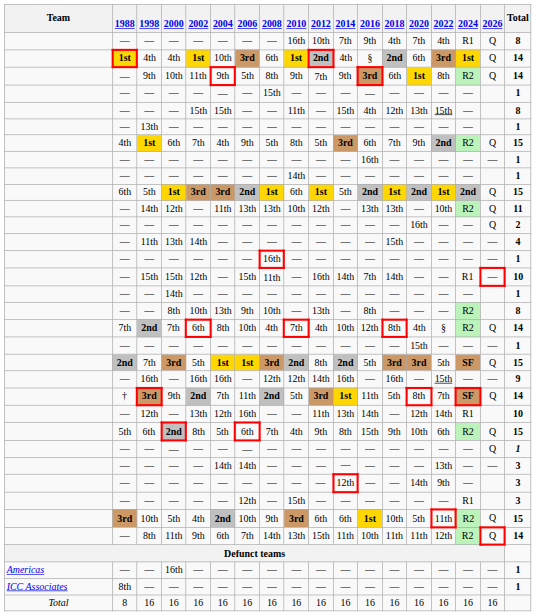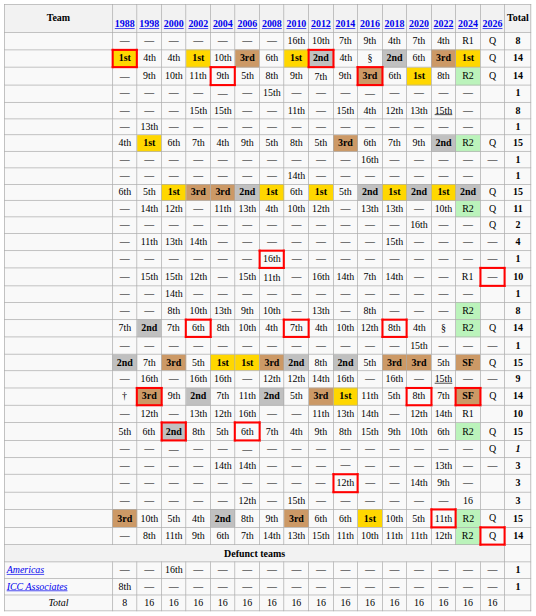 <table class="wikitable" style="text-align:center; font-size:90%">
 <tr>
 <th width=150>Team</th>
 <th><br><a href='#'>1988</a></th>
 <th><br><a href='#'>1998</a></th>
 <th><br><a href='#'>2000</a></th>
 <th><br><a href='#'>2002</a></th>
 <th><br><a href='#'>2004</a></th>
 <th><br><a href='#'>2006</a></th>
 <th><br><a href='#'>2008</a></th>
 <th><br><a href='#'>2010</a></th>
 <th><br><a href='#'>2012</a></th>
 <th><br><a href='#'>2014</a></th>
 <th><br><a href='#'>2016</a></th>
 <th><br><a href='#'>2018</a></th>
 <th><br><a href='#'>2020</a></th>
 <th><br><a href='#'>2022</a></th>
 <th><br><a href='#'>2024</a></th>
 <th> <br><a href='#'>2026</a></th>
 <th>Total</th>
 </tr>
 <tr>
 <td align=left></td>
 <td>—</td>
 <td>—</td>
 <td>—</td>
 <td>—</td>
 <td>—</td>
 <td>—</td>
 <td>—</td>
 <td>16th</td>
 <td>10th</td>
 <td>7th</td>
 <td>9th</td>
 <td>4th</td>
 <td>7th</td>
 <td>4th</td>
 <td>R1</td>
 <td>Q</td>
 <td><strong>8</strong></td>
 </tr>
 <tr>
 <td align=left></td>
 <td style="border: 3px solid red" bgcolor="gold"><strong>1st</strong></td>
 <td>4th</td>
 <td>4th</td>
 <td bgcolor="gold"><strong>1st</strong></td>
 <td>10th</td>
 <td bgcolor=#cc9966><strong>3rd</strong></td>
 <td>6th</td>
 <td bgcolor="gold"><strong>1st</strong></td>
 <td style="border: 3px solid red" bgcolor="silver"><strong>2nd</strong></td>
 <td>4th</td>
 <td>§</td>
 <td bgcolor="silver"><strong>2nd</strong></td>
 <td>6th</td>
 <td bgcolor=#cc9966><strong>3rd</strong></td>
 <td bgcolor="gold"><strong>1st</strong></td>
 <td>Q</td>
 <td><strong>14</strong></td>
 </tr>
 <tr>
 <td align=left></td>
 <td>—</td>
 <td>9th</td>
 <td>10th</td>
 <td>11th</td>
 <td style="border: 3px solid red">9th</td>
 <td>5th</td>
 <td>8th</td>
 <td>9th</td>
 <td>7th</td>
 <td>9th</td>
 <td style="border: 3px solid red" bgcolor=#cc9966><strong>3rd</strong></td>
 <td>6th</td>
 <td bgcolor="gold"><strong>1st</strong></td>
 <td>8th</td>
 <td bgcolor=#BBF3BB>R2</td>
 <td>Q</td>
 <td><strong>14</strong></td>
 </tr>
 <tr>
 <td align=left></td>
 <td>—</td>
 <td>—</td>
 <td>—</td>
 <td>—</td>
 <td>—</td>
 <td>—</td>
 <td>15th</td>
 <td>—</td>
 <td>—</td>
 <td>—</td>
 <td>—</td>
 <td>—</td>
 <td>—</td>
 <td>—</td>
 <td>—</td>
 <td></td>
 <td><strong>1</strong></td>
 </tr>
 <tr>
 <td align=left></td>
 <td>—</td>
 <td>—</td>
 <td>—</td>
 <td>15th</td>
 <td>15th</td>
 <td>—</td>
 <td>—</td>
 <td>11th</td>
 <td>—</td>
 <td>15th</td>
 <td>4th</td>
 <td>12th</td>
 <td>13th</td>
 <td><u>15th</u></td>
 <td>—</td>
 <td></td>
 <td><strong>8</strong></td>
 </tr>
 <tr>
 <td align=left></td>
 <td>—</td>
 <td>13th</td>
 <td>—</td>
 <td>—</td>
 <td>—</td>
 <td>—</td>
 <td>—</td>
 <td>—</td>
 <td>—</td>
 <td>—</td>
 <td>—</td>
 <td>—</td>
 <td>—</td>
 <td>—</td>
 <td>—</td>
 <td></td>
 <td><strong>1</strong></td>
 </tr>
 <tr>
 <td align=left></td>
 <td>4th</td>
 <td bgcolor="gold"><strong>1st</strong></td>
 <td>6th</td>
 <td>7th</td>
 <td>4th</td>
 <td>9th</td>
 <td>5th</td>
 <td>8th</td>
 <td>5th</td>
 <td bgcolor=#cc9966><strong>3rd</strong></td>
 <td>6th</td>
 <td>7th</td>
 <td>9th</td>
 <td bgcolor="silver"><strong>2nd</strong></td>
 <td bgcolor=#BBF3BB>R2</td>
 <td>Q</td>
 <td><strong>15</strong></td>
 </tr>
 <tr>
 <td align=left></td>
 <td>—</td>
 <td>—</td>
 <td>—</td>
 <td>—</td>
 <td>—</td>
 <td>—</td>
 <td>—</td>
 <td>—</td>
 <td>—</td>
 <td>—</td>
 <td>16th</td>
 <td>—</td>
 <td>—</td>
 <td>—</td>
 <td>—</td>
 <td>—</td>
 <td><strong>1</strong></td>
 </tr>
 <tr>
 <td align=left></td>
 <td>—</td>
 <td>—</td>
 <td>—</td>
 <td>—</td>
 <td>—</td>
 <td>—</td>
 <td>—</td>
 <td>14th</td>
 <td>—</td>
 <td>—</td>
 <td>—</td>
 <td>—</td>
 <td>—</td>
 <td>—</td>
 <td>—</td>
 <td></td>
 <td><strong>1</strong></td>
 </tr>
 <tr>
 <td align=left></td>
 <td>6th</td>
 <td>5th</td>
 <td bgcolor="gold"><strong>1st</strong></td>
 <td bgcolor=#cc9966><strong>3rd</strong></td>
 <td bgcolor=#cc9966><strong>3rd</strong></td>
 <td bgcolor="silver"><strong>2nd</strong></td>
 <td bgcolor="gold"><strong>1st</strong></td>
 <td>6th</td>
 <td bgcolor="gold"><strong>1st</strong></td>
 <td>5th</td>
 <td bgcolor="silver"><strong>2nd</strong></td>
 <td bgcolor="gold"><strong>1st</strong></td>
 <td bgcolor="silver"><strong>2nd</strong></td>
 <td bgcolor="gold"><strong>1st</strong></td>
 <td bgcolor="silver"><strong>2nd</strong></td>
 <td>Q</td>
 <td><strong>15</strong></td>
 </tr>
 <tr>
 <td align=left></td>
 <td>—</td>
 <td>14th</td>
 <td>12th</td>
 <td>—</td>
 <td>11th</td>
 <td>13th</td>
-<td>13th</td>
+<td>4th</td>
 <td>10th</td>
 <td>12th</td>
 <td>—</td>
 <td>13th</td>
 <td>13th</td>
 <td>—</td>
 <td>10th</td>
 <td bgcolor=#BBF3BB>R2</td>
 <td>Q</td>
 <td><strong>11</strong></td>
 </tr>
 <tr>
 <td align=left></td>
 <td>—</td>
 <td>—</td>
 <td>—</td>
 <td>—</td>
 <td>—</td>
 <td>—</td>
 <td>—</td>
 <td>—</td>
 <td>—</td>
 <td>—</td>
 <td>—</td>
 <td>—</td>
 <td>16th</td>
 <td>—</td>
 <td>—</td>
 <td>Q</td>
 <td><strong>2</strong></td>
 </tr>
 <tr>
 <td align=left></td>
 <td>—</td>
 <td>11th</td>
 <td>13th</td>
 <td>14th</td>
 <td>—</td>
 <td>—</td>
 <td>—</td>
 <td>—</td>
 <td>—</td>
 <td>—</td>
 <td>—</td>
 <td>15th</td>
 <td>—</td>
 <td>—</td>
 <td>—</td>
 <td>—</td>
 <td><strong>4</strong></td>
 </tr>
 <tr>
 <td align=left></td>
 <td>—</td>
 <td>—</td>
 <td>—</td>
 <td>—</td>
 <td>—</td>
 <td>—</td>
 <td style="border: 3px solid red">16th</td>
 <td>—</td>
 <td>—</td>
 <td>—</td>
 <td>—</td>
 <td>—</td>
 <td>—</td>
 <td>—</td>
 <td>—</td>
 <td>—</td>
 <td><strong>1</strong></td>
 </tr>
 <tr>
 <td align=left></td>
 <td>—</td>
 <td>15th</td>
 <td>15th</td>
 <td>12th</td>
 <td>—</td>
 <td>15th</td>
 <td>11th</td>
 <td>—</td>
 <td>16th</td>
 <td>14th</td>
 <td>7th</td>
 <td>14th</td>
 <td>—</td>
 <td>—</td>
 <td>R1</td>
 <td style="border: 3px solid red">—</td>
 <td><strong>10</strong></td>
 </tr>
 <tr>
 <td align=left></td>
 <td>—</td>
 <td>—</td>
 <td>14th</td>
 <td>—</td>
 <td>—</td>
 <td>—</td>
 <td>—</td>
 <td>—</td>
 <td>—</td>
 <td>—</td>
 <td>—</td>
 <td>—</td>
 <td>—</td>
 <td>—</td>
 <td>—</td>
 <td></td>
 <td><strong>1</strong></td>
 </tr>
 <tr>
 <td align=left></td>
 <td>—</td>
 <td>—</td>
 <td>8th</td>
 <td>10th</td>
 <td>13th</td>
 <td>9th</td>
 <td>10th</td>
 <td>—</td>
 <td>13th</td>
 <td>—</td>
 <td>8th</td>
 <td>—</td>
 <td>—</td>
 <td>—</td>
 <td bgcolor=#BBF3BB>R2</td>
 <td></td>
 <td><strong>8</strong></td>
 </tr>
 <tr>
 <td align=left></td>
 <td>7th</td>
 <td bgcolor="silver"><strong>2nd</strong></td>
 <td>7th</td>
 <td style="border: 3px solid red">6th</td>
 <td>8th</td>
 <td>10th</td>
 <td>4th</td>
 <td style="border: 3px solid red">7th</td>
 <td>4th</td>
 <td>10th</td>
 <td>12th</td>
 <td style="border: 3px solid red">8th</td>
 <td>4th</td>
 <td>§</td>
 <td bgcolor=#BBF3BB>R2</td>
 <td>Q</td>
 <td><strong>14</strong></td>
 </tr>
 <tr>
 <td align=left></td>
 <td>—</td>
 <td>—</td>
 <td>—</td>
 <td>—</td>
 <td>—</td>
 <td>—</td>
 <td>—</td>
 <td>—</td>
 <td>—</td>
 <td>—</td>
 <td>—</td>
 <td>—</td>
 <td>15th</td>
 <td>—</td>
 <td>—</td>
 <td>—</td>
 <td><strong>1</strong></td>
 </tr>
 <tr>
 <td align=left></td>
 <td bgcolor="silver"><strong>2nd</strong></td>
 <td>7th</td>
 <td bgcolor=#cc9966><strong>3rd</strong></td>
 <td>5th</td>
 <td bgcolor="gold"><strong>1st</strong></td>
 <td bgcolor="gold"><strong>1st</strong></td>
 <td bgcolor=#cc9966><strong>3rd</strong></td>
 <td bgcolor="silver"><strong>2nd</strong></td>
 <td>8th</td>
 <td bgcolor="silver"><strong>2nd</strong></td>
 <td>5th</td>
 <td bgcolor=#cc9966><strong>3rd</strong></td>
 <td bgcolor=#cc9966><strong>3rd</strong></td>
 <td>5th</td>
 <td bgcolor=#cc9966><strong>SF</strong></td>
 <td>Q</td>
 <td><strong>15</strong></td>
 </tr>
 <tr>
 <td align=left></td>
 <td>—</td>
 <td>16th</td>
 <td>—</td>
 <td>16th</td>
 <td>16th</td>
 <td>—</td>
 <td>12th</td>
 <td>12th</td>
 <td>14th</td>
 <td>16th</td>
 <td>—</td>
 <td>16th</td>
 <td>—</td>
 <td><u>15th</u></td>
 <td>—</td>
 <td>—</td>
 <td><strong>9</strong></td>
 </tr>
 <tr>
 <td align=left></td>
 <td>†</td>
 <td style="border: 3px solid red" bgcolor=#cc9966><strong>3rd</strong></td>
 <td>9th</td>
 <td bgcolor="silver"><strong>2nd</strong></td>
 <td>7th</td>
 <td>11th</td>
 <td bgcolor="silver"><strong>2nd</strong></td>
 <td>5th</td>
 <td bgcolor=#cc9966><strong>3rd</strong></td>
 <td bgcolor="gold"><strong>1st</strong></td>
 <td>11th</td>
 <td>5th</td>
 <td style="border: 3px solid red">8th</td>
 <td>7th</td>
 <td style="border: 3px solid red" bgcolor=#cc9966><strong>SF</strong></td>
 <td>Q</td>
 <td><strong>14</strong></td>
 </tr>
 <tr>
 <td align=left></td>
 <td>—</td>
 <td>12th</td>
 <td>—</td>
 <td>13th</td>
 <td>12th</td>
 <td>16th</td>
 <td>—</td>
 <td>—</td>
 <td>11th</td>
 <td>13th</td>
 <td>14th</td>
 <td>—</td>
 <td>12th</td>
 <td>14th</td>
 <td>R1</td>
 <td></td>
 <td><strong>10</strong></td>
 </tr>
 <tr>
 <td align=left></td>
 <td>5th</td>
 <td>6th</td>
 <td style="border: 3px solid red" bgcolor="silver"><strong>2nd</strong></td>
 <td>8th</td>
 <td>5th</td>
 <td style="border: 3px solid red">6th</td>
 <td>7th</td>
 <td>4th</td>
 <td>9th</td>
 <td>8th</td>
 <td>15th</td>
 <td>9th</td>
 <td>10th</td>
 <td>6th</td>
 <td bgcolor=#BBF3BB>R2</td>
 <td>Q</td>
 <td><strong>15</strong></td>
 </tr>
 <tr>
 <td align=left></td>
 <td>—</td>
 <td>—</td>
 <td>—</td>
 <td>—</td>
 <td>—</td>
 <td>—</td>
 <td>—</td>
 <td>—</td>
 <td>—</td>
 <td>—</td>
 <td>—</td>
 <td>—</td>
 <td>—</td>
 <td>—</td>
 <td>—</td>
 <td>Q</td>
 <td><strong><em>1</em></strong></td>
 </tr>
 <tr>
 <td align=left></td>
 <td>—</td>
 <td>—</td>
 <td>—</td>
 <td>—</td>
 <td>14th</td>
 <td>14th</td>
 <td>—</td>
 <td>—</td>
 <td>—</td>
 <td>—</td>
 <td>—</td>
 <td>—</td>
 <td>—</td>
 <td>13th</td>
 <td>—</td>
 <td>—</td>
 <td><strong>3</strong></td>
 </tr>
 <tr>
 <td align=left></td>
 <td>—</td>
 <td>—</td>
 <td>—</td>
 <td>—</td>
 <td>—</td>
 <td>—</td>
 <td>—</td>
 <td>—</td>
 <td>—</td>
 <td style="border:3px solid red">12th</td>
 <td>—</td>
 <td>—</td>
 <td>14th</td>
 <td>9th</td>
 <td>—</td>
 <td></td>
 <td><strong>3</strong></td>
 </tr>
 <tr>
 <td align=left></td>
 <td>—</td>
 <td>—</td>
 <td>—</td>
 <td>—</td>
 <td>—</td>
 <td>12th</td>
 <td>—</td>
 <td>15th</td>
 <td>—</td>
 <td>—</td>
 <td>—</td>
 <td>—</td>
 <td>—</td>
 <td>—</td>
-<td>R1</td>
+<td>16</td>
 <td></td>
 <td><strong>3</strong></td>
 </tr>
 <tr>
 <td align=left></td>
 <td bgcolor=#cc9966><strong>3rd</strong></td>
 <td>10th</td>
 <td>5th</td>
 <td>4th</td>
 <td bgcolor="silver"><strong>2nd</strong></td>
-<td>10th</td>
+<td>8th</td>
 <td>9th</td>
 <td bgcolor=#cc9966><strong>3rd</strong></td>
 <td>6th</td>
 <td>6th</td>
 <td bgcolor="gold"><strong>1st</strong></td>
 <td>10th</td>
 <td>5th</td>
 <td style="border:3px solid red">11th</td>
 <td bgcolor=#BBF3BB>R2</td>
 <td>Q</td>
 <td><strong>15</strong></td>
 </tr>
 <tr>
 <td align=left></td>
 <td>—</td>
 <td>8th</td>
 <td>11th</td>
 <td>9th</td>
 <td>6th</td>
 <td>7th</td>
 <td>14th</td>
 <td>13th</td>
 <td>15th</td>
 <td>11th</td>
 <td>10th</td>
 <td>11th</td>
 <td>11th</td>
 <td>12th</td>
 <td bgcolor=#BBF3BB>R2</td>
 <td style="border:3px solid red">Q</td>
 <td><strong>14</strong></td>
 </tr>
 <tr>
 <th colspan="17">Defunct teams</th>
 </tr>
 <tr>
 <td align=left> <em><a href='#'>Americas</a></em></td>
 <td>—</td>
 <td>—</td>
 <td>16th</td>
 <td>—</td>
 <td>—</td>
 <td>—</td>
 <td>—</td>
 <td>—</td>
 <td>—</td>
 <td>—</td>
 <td>—</td>
 <td>—</td>
 <td>—</td>
 <td>—</td>
 <td>—</td>
 <td>—</td>
 <td><strong>1</strong></td>
 </tr>
 <tr>
 <td align=left> <em><a href='#'>ICC Associates</a></em></td>
 <td>8th</td>
 <td>—</td>
 <td>—</td>
 <td>—</td>
 <td>—</td>
 <td>—</td>
 <td>—</td>
 <td>—</td>
 <td>—</td>
 <td>—</td>
 <td>—</td>
 <td>—</td>
 <td>—</td>
 <td>—</td>
 <td>—</td>
 <td>—</td>
 <td><strong>1</strong></td>
 </tr>
 <tr>
 <td><em>Total</em></td>
 <td>8</td>
 <td>16</td>
 <td>16</td>
 <td>16</td>
 <td>16</td>
 <td>16</td>
 <td>16</td>
 <td>16</td>
 <td>16</td>
 <td>16</td>
 <td>16</td>
 <td>16</td>
 <td>16</td>
 <td>16</td>
 <td>16</td>
 <td>16</td>
 <td></td>
 </tr>
 </table>
